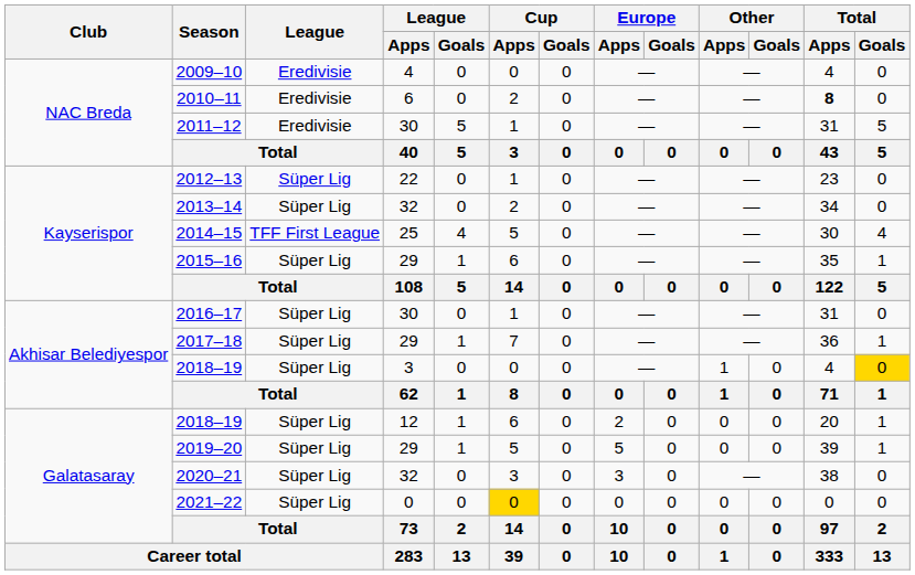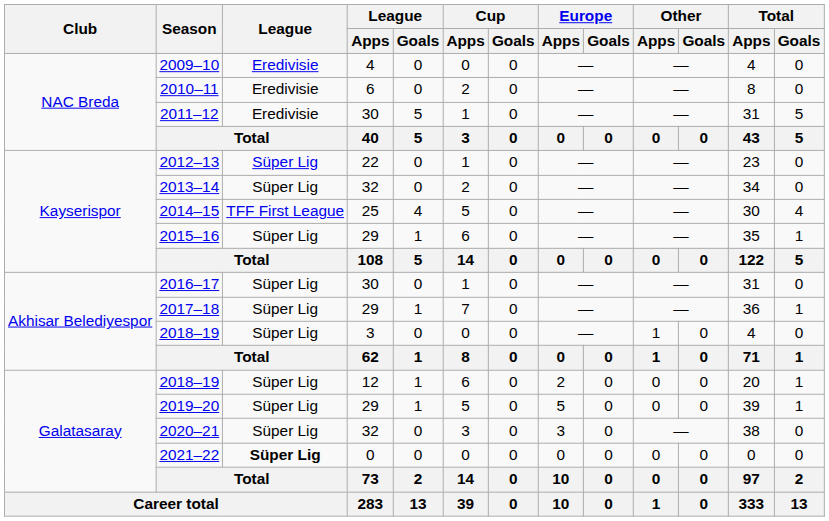 <table class="wikitable" style="text-align: center;">
 <tr>
 <th rowspan="2">Club</th>
 <th rowspan="2">Season</th>
 <th rowspan="2">League</th>
 <th colspan="2">League</th>
 <th colspan="2">Cup</th>
 <th colspan="2"><a href='#'>Europe</a></th>
 <th colspan="2">Other</th>
 <th colspan="2">Total</th>
 </tr>
 <tr>
 <th>Apps</th>
 <th>Goals</th>
 <th>Apps</th>
 <th>Goals</th>
 <th>Apps</th>
 <th>Goals</th>
 <th>Apps</th>
 <th>Goals</th>
 <th>Apps</th>
 <th>Goals</th>
 </tr>
 <tr>
 <td rowspan="4"><a href='#'>NAC Breda</a></td>
 <td><a href='#'>2009–10</a></td>
 <td><a href='#'>Eredivisie</a></td>
 <td>4</td>
 <td>0</td>
 <td>0</td>
 <td>0</td>
 <td colspan="2">—</td>
 <td colspan="2">—</td>
 <td>4</td>
 <td>0</td>
 </tr>
 <tr>
 <td><a href='#'>2010–11</a></td>
 <td>Eredivisie</td>
 <td>6</td>
 <td>0</td>
 <td>2</td>
 <td>0</td>
 <td colspan="2">—</td>
 <td colspan="2">—</td>
-<td><strong>8</strong></td>
+<td>8</td>
 <td>0</td>
 </tr>
 <tr>
 <td><a href='#'>2011–12</a></td>
 <td>Eredivisie</td>
 <td>30</td>
 <td>5</td>
 <td>1</td>
 <td>0</td>
 <td colspan="2">—</td>
 <td colspan="2">—</td>
 <td>31</td>
 <td>5</td>
 </tr>
 <tr>
 <th colspan="2">Total</th>
 <th>40</th>
 <th>5</th>
 <th>3</th>
 <th>0</th>
 <th>0</th>
 <th>0</th>
 <th>0</th>
 <th>0</th>
 <th>43</th>
 <th>5</th>
 </tr>
 <tr>
 <td rowspan="5"><a href='#'>Kayserispor</a></td>
 <td><a href='#'>2012–13</a></td>
 <td><a href='#'>Süper Lig</a></td>
 <td>22</td>
 <td>0</td>
 <td>1</td>
 <td>0</td>
 <td colspan="2">—</td>
 <td colspan="2">—</td>
 <td>23</td>
 <td>0</td>
 </tr>
 <tr>
 <td><a href='#'>2013–14</a></td>
 <td>Süper Lig</td>
 <td>32</td>
 <td>0</td>
 <td>2</td>
 <td>0</td>
 <td colspan="2">—</td>
 <td colspan="2">—</td>
 <td>34</td>
 <td>0</td>
 </tr>
 <tr>
 <td><a href='#'>2014–15</a></td>
 <td><a href='#'>TFF First League</a></td>
 <td>25</td>
 <td>4</td>
 <td>5</td>
 <td>0</td>
 <td colspan="2">—</td>
 <td colspan="2">—</td>
 <td>30</td>
 <td>4</td>
 </tr>
 <tr>
 <td><a href='#'>2015–16</a></td>
 <td>Süper Lig</td>
 <td>29</td>
 <td>1</td>
 <td>6</td>
 <td>0</td>
 <td colspan="2">—</td>
 <td colspan="2">—</td>
 <td>35</td>
 <td>1</td>
 </tr>
 <tr>
 <th colspan="2">Total</th>
 <th>108</th>
 <th>5</th>
 <th>14</th>
 <th>0</th>
 <th>0</th>
 <th>0</th>
 <th>0</th>
 <th>0</th>
 <th>122</th>
 <th>5</th>
 </tr>
 <tr>
 <td rowspan="4"><a href='#'>Akhisar Belediyespor</a></td>
 <td><a href='#'>2016–17</a></td>
 <td>Süper Lig</td>
 <td>30</td>
 <td>0</td>
 <td>1</td>
 <td>0</td>
 <td colspan="2">—</td>
 <td colspan="2">—</td>
 <td>31</td>
 <td>0</td>
 </tr>
 <tr>
 <td><a href='#'>2017–18</a></td>
 <td>Süper Lig</td>
 <td>29</td>
 <td>1</td>
 <td>7</td>
 <td>0</td>
 <td colspan="2">—</td>
 <td colspan="2">—</td>
 <td>36</td>
 <td>1</td>
 </tr>
 <tr>
 <td><a href='#'>2018–19</a></td>
 <td>Süper Lig</td>
 <td>3</td>
 <td>0</td>
 <td>0</td>
 <td>0</td>
 <td colspan="2">—</td>
 <td>1</td>
 <td>0</td>
 <td>4</td>
-<td style="background: gold;">0</td>
+<td>0</td>
 </tr>
 <tr>
 <th colspan="2">Total</th>
 <th>62</th>
 <th>1</th>
 <th>8</th>
 <th>0</th>
 <th>0</th>
 <th>0</th>
 <th>1</th>
 <th>0</th>
 <th>71</th>
 <th>1</th>
 </tr>
 <tr>
 <td rowspan="5"><a href='#'>Galatasaray</a></td>
 <td><a href='#'>2018–19</a></td>
 <td>Süper Lig</td>
 <td>12</td>
 <td>1</td>
 <td>6</td>
 <td>0</td>
 <td>2</td>
 <td>0</td>
 <td>0</td>
 <td>0</td>
 <td>20</td>
 <td>1</td>
 </tr>
 <tr>
 <td><a href='#'>2019–20</a></td>
 <td>Süper Lig</td>
 <td>29</td>
 <td>1</td>
 <td>5</td>
 <td>0</td>
 <td>5</td>
 <td>0</td>
 <td>0</td>
 <td>0</td>
 <td>39</td>
 <td>1</td>
 </tr>
 <tr>
 <td><a href='#'>2020–21</a></td>
 <td>Süper Lig</td>
 <td>32</td>
 <td>0</td>
 <td>3</td>
 <td>0</td>
 <td>3</td>
 <td>0</td>
 <td colspan="2">—</td>
 <td>38</td>
 <td>0</td>
 </tr>
 <tr>
 <td><a href='#'>2021–22</a></td>
-<td>Süper Lig</td>
+<td><strong>Süper Lig</strong></td>
 <td>0</td>
 <td>0</td>
-<td style="background: gold;">0</td>
+<td>0</td>
 <td>0</td>
 <td>0</td>
 <td>0</td>
 <td>0</td>
 <td>0</td>
 <td>0</td>
 <td>0</td>
 </tr>
 <tr>
 <th colspan="2">Total</th>
 <th>73</th>
 <th>2</th>
 <th>14</th>
 <th>0</th>
 <th>10</th>
 <th>0</th>
 <th>0</th>
 <th>0</th>
 <th>97</th>
 <th>2</th>
 </tr>
 <tr>
 <th colspan="3">Career total</th>
 <th>283</th>
 <th>13</th>
 <th>39</th>
 <th>0</th>
 <th>10</th>
 <th>0</th>
 <th>1</th>
 <th>0</th>
 <th>333</th>
 <th>13</th>
 </tr>
 </table>
